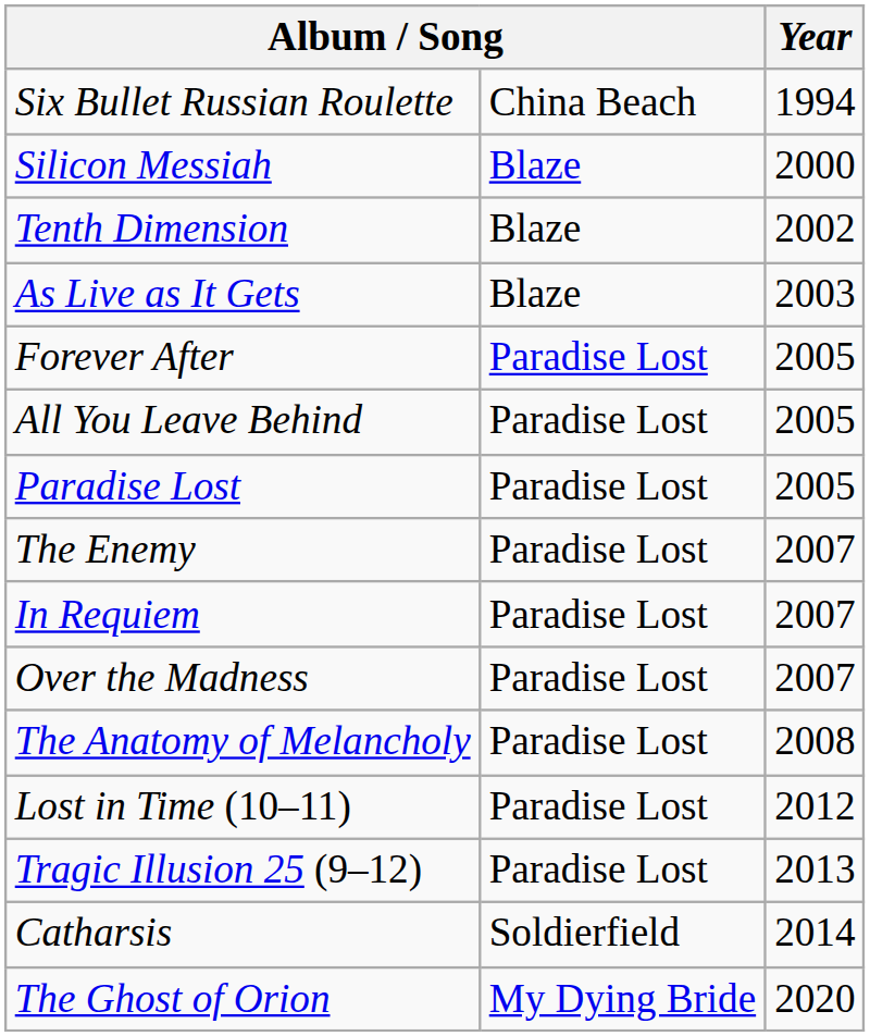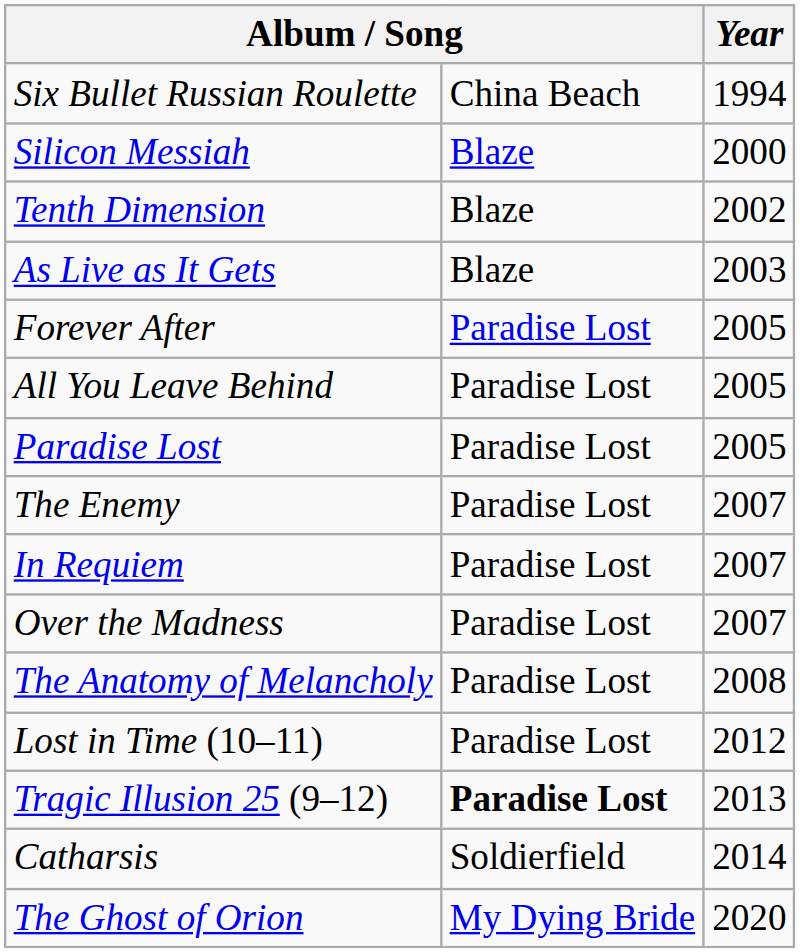 <table class="wikitable sortable">
 <tr>
 <th colspan="2">Album / Song</th>
 <th><em>Year</em></th>
 </tr>
 <tr>
 <td><em>Six Bullet Russian Roulette</em></td>
 <td>China Beach</td>
 <td>1994</td>
 </tr>
 <tr>
 <td><em><a href='#'>Silicon Messiah</a></em></td>
 <td><a href='#'>Blaze</a></td>
 <td>2000</td>
 </tr>
 <tr>
 <td><em><a href='#'>Tenth Dimension</a></em></td>
 <td>Blaze</td>
 <td>2002</td>
 </tr>
 <tr>
 <td><em><a href='#'>As Live as It Gets</a></em></td>
 <td>Blaze</td>
 <td>2003</td>
 </tr>
 <tr>
 <td><em>Forever After</em></td>
 <td><a href='#'>Paradise Lost</a></td>
 <td>2005</td>
 </tr>
 <tr>
 <td><em>All You Leave Behind</em></td>
 <td>Paradise Lost</td>
 <td>2005</td>
 </tr>
 <tr>
 <td><em><a href='#'>Paradise Lost</a></em></td>
 <td>Paradise Lost</td>
 <td>2005</td>
 </tr>
 <tr>
 <td><em>The Enemy</em></td>
 <td>Paradise Lost</td>
 <td>2007</td>
 </tr>
 <tr>
 <td><em><a href='#'>In Requiem</a></em></td>
 <td>Paradise Lost</td>
 <td>2007</td>
 </tr>
 <tr>
 <td><em>Over the Madness</em></td>
 <td>Paradise Lost</td>
 <td>2007</td>
 </tr>
 <tr>
 <td><em><a href='#'>The Anatomy of Melancholy</a></em></td>
 <td>Paradise Lost</td>
 <td>2008</td>
 </tr>
 <tr>
 <td><em>Lost in Time</em> (10–11)</td>
 <td>Paradise Lost</td>
 <td>2012</td>
 </tr>
 <tr>
 <td><em><a href='#'>Tragic Illusion 25</a></em> (9–12)</td>
-<td>Paradise Lost</td>
+<td><strong>Paradise Lost</strong></td>
 <td>2013</td>
 </tr>
 <tr>
 <td><em>Catharsis</em></td>
 <td>Soldierfield</td>
 <td>2014</td>
 </tr>
 <tr>
 <td><em><a href='#'>The Ghost of Orion</a></em></td>
 <td><a href='#'>My Dying Bride</a></td>
 <td>2020</td>
 </tr>
 </table>
